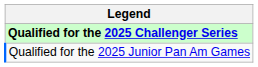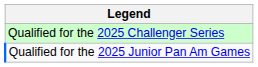 <table class="wikitable">
 <tr>
 <th>Legend</th>
 </tr>
 <tr bgcolor=ccffcc>
-<td><strong>Qualified for the <a href='#'>2025 Challenger Series</a></strong></td>
+<td>Qualified for the <a href='#'>2025 Challenger Series</a></td>
 </tr>
 <tr style="border-left:3px solid #06f;"|Blue bar>
 <td>Qualified for the <a href='#'>2025 Junior Pan Am Games</a></td>
 </tr>
 </table>
